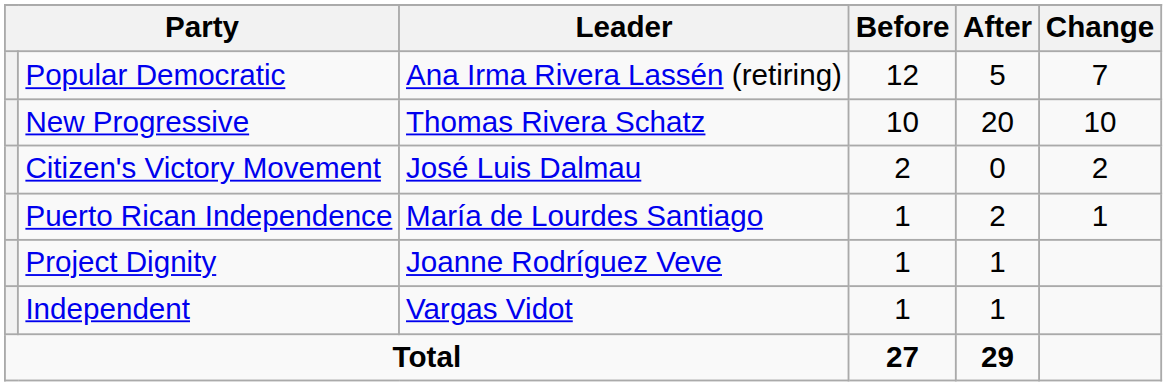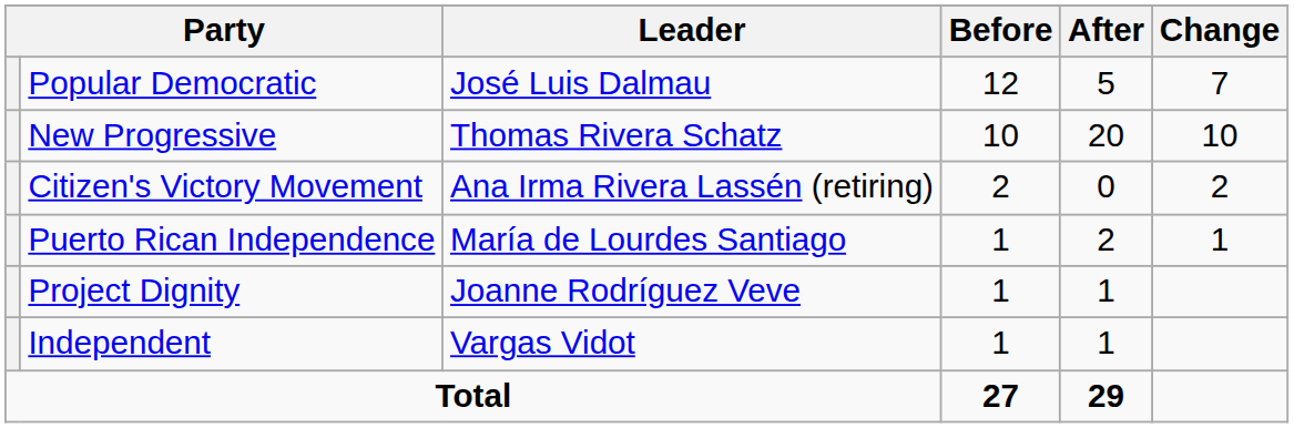 <table class="wikitable" style="text-align:center;">
 <tr>
 </tr>
 <tr>
 <th colspan="2">Party</th>
 <th>Leader</th>
 <th>Before</th>
 <th>After</th>
 <th>Change</th>
 </tr>
 <tr>
 <th style="background-color:"></th>
 <td style="text-align:left;"><a href='#'>Popular Democratic</a></td>
-<td style="text-align:left;"><a href='#'>Ana Irma Rivera Lassén</a> (retiring)</td>
+<td style="text-align:left;"><a href='#'>José Luis Dalmau</a></td>
 <td>12</td>
 <td>5</td>
 <td> 7</td>
 </tr>
 <tr>
 <th style="background-color:"></th>
 <td style="text-align:left;"><a href='#'>New Progressive</a></td>
 <td style="text-align:left;"><a href='#'>Thomas Rivera Schatz</a></td>
 <td>10</td>
 <td>20</td>
 <td> 10</td>
 </tr>
 <tr>
 <th style="background-color:"></th>
 <td style="text-align:left;"><a href='#'>Citizen's Victory Movement</a></td>
-<td style="text-align:left;"><a href='#'>José Luis Dalmau</a></td>
+<td style="text-align:left;"><a href='#'>Ana Irma Rivera Lassén</a> (retiring)</td>
 <td>2</td>
 <td>0</td>
 <td> 2</td>
 </tr>
 <tr>
 <th style="background-color:"></th>
 <td style="text-align:left;"><a href='#'>Puerto Rican Independence</a></td>
 <td style="text-align:left;"><a href='#'>María de Lourdes Santiago</a></td>
 <td>1</td>
 <td>2</td>
 <td> 1</td>
 </tr>
 <tr>
 <th style="background-color:"></th>
 <td style="text-align:left;"><a href='#'>Project Dignity</a></td>
 <td style="text-align:left;"><a href='#'>Joanne Rodríguez Veve</a></td>
 <td>1</td>
 <td>1</td>
 <td></td>
 </tr>
 <tr>
 <th style="background-color:"></th>
 <td style="text-align:left;"><a href='#'>Independent</a></td>
 <td style="text-align:left;"><a href='#'>Vargas Vidot</a></td>
 <td>1</td>
 <td>1</td>
 <td></td>
 </tr>
 <tr>
 <td colspan="3"><strong>Total</strong></td>
 <td><strong>27</strong></td>
 <td><strong>29</strong></td>
 <td></td>
 </tr>
 </table>
